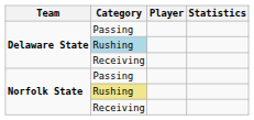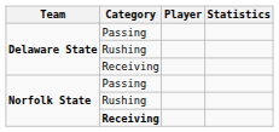 <table class="wikitable" style="float: right;">
 <tr>
 <th>Team</th>
 <th>Category</th>
 <th>Player</th>
 <th>Statistics</th>
 </tr>
 <tr>
 <td rowspan=3><strong>Delaware State</strong></td>
 <td>Passing</td>
 <td></td>
 <td></td>
 </tr>
 <tr>
-<td style="background: lightblue;">Rushing</td>
+<td>Rushing</td>
 <td></td>
 <td></td>
 </tr>
 <tr>
 <td>Receiving</td>
 <td></td>
 <td></td>
 </tr>
 <tr>
 <td rowspan=3><strong>Norfolk State</strong></td>
 <td>Passing</td>
 <td></td>
 <td></td>
 </tr>
 <tr>
-<td style="background: khaki;">Rushing</td>
+<td>Rushing</td>
 <td></td>
 <td></td>
 </tr>
 <tr>
-<td>Receiving</td>
+<td><strong>Receiving</strong></td>
 <td></td>
 <td></td>
 </tr>
 </table>
